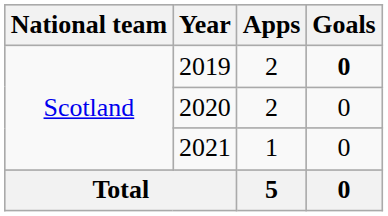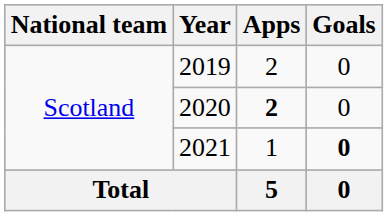 <table class=wikitable style=text-align:center>
 <tr>
 <th>National team</th>
 <th>Year</th>
 <th>Apps</th>
 <th>Goals</th>
 </tr>
 <tr>
 <td rowspan=3><a href='#'>Scotland</a></td>
 <td>2019</td>
 <td>2</td>
-<td><strong>0</strong></td>
+<td>0</td>
 </tr>
 <tr>
 <td>2020</td>
-<td>2</td>
+<td><strong>2</strong></td>
 <td>0</td>
 </tr>
 <tr>
 <td>2021</td>
 <td>1</td>
-<td>0</td>
+<td><strong>0</strong></td>
 </tr>
 <tr>
 <th colspan=2>Total</th>
 <th>5</th>
 <th>0</th>
 </tr>
 </table>
